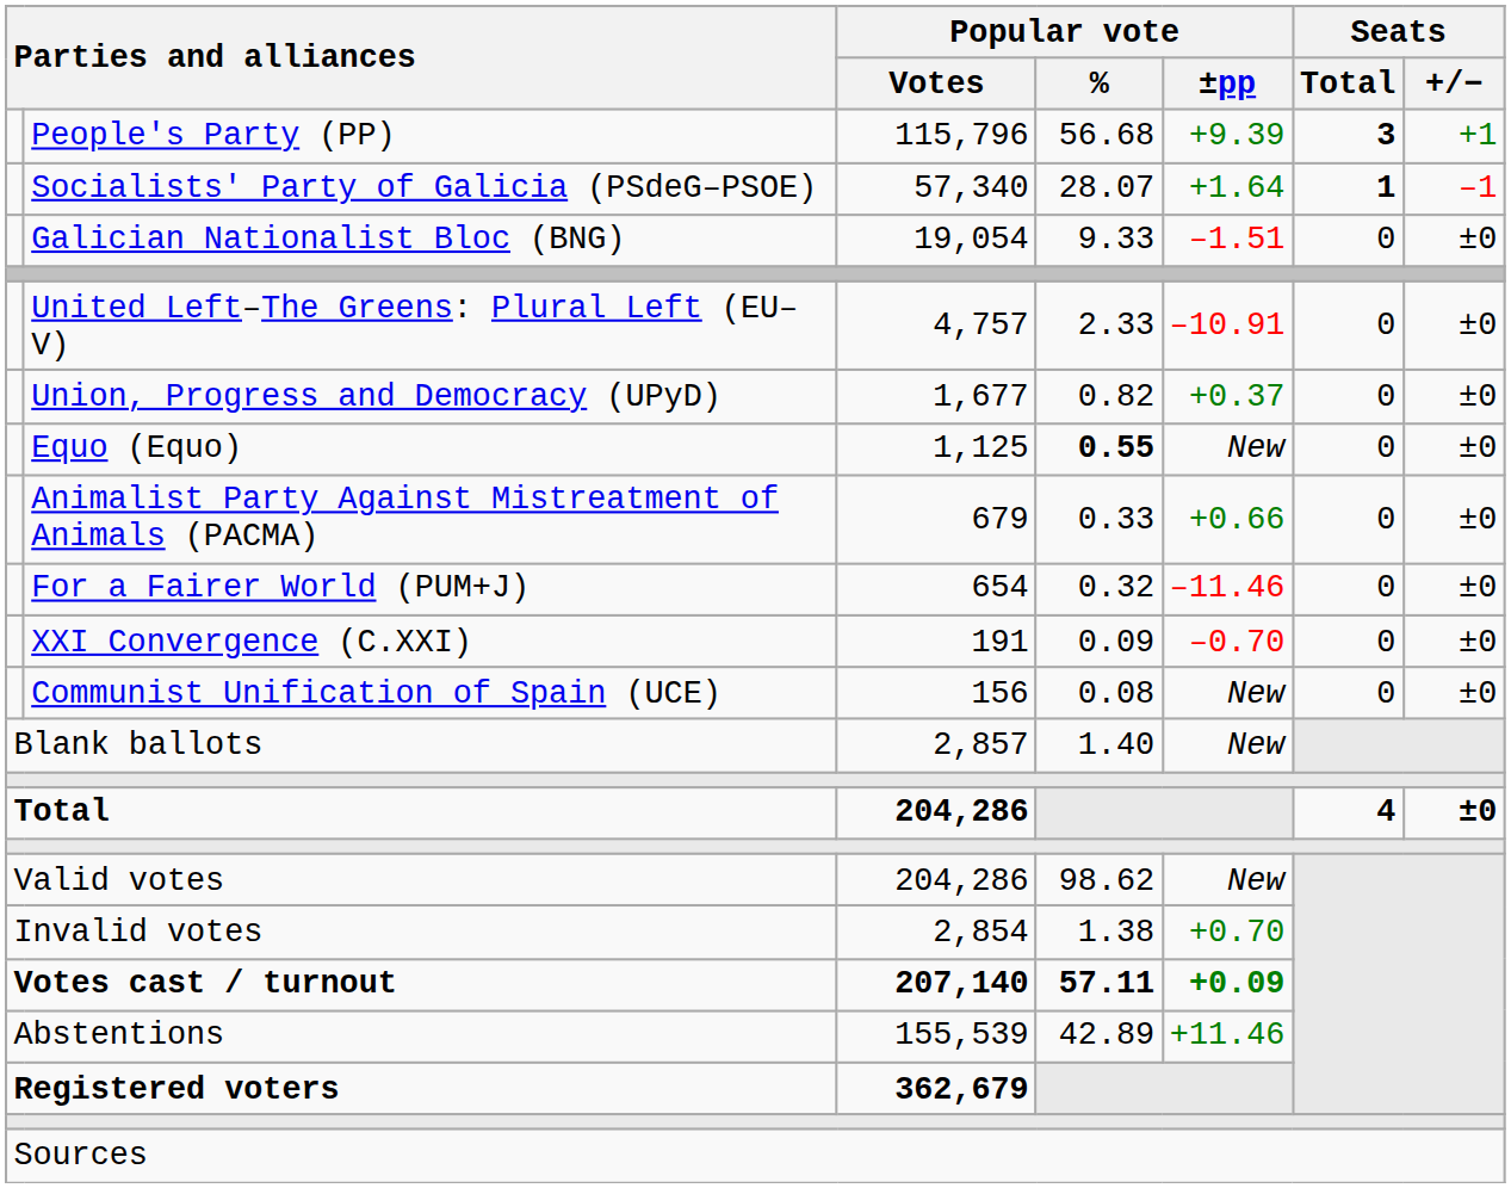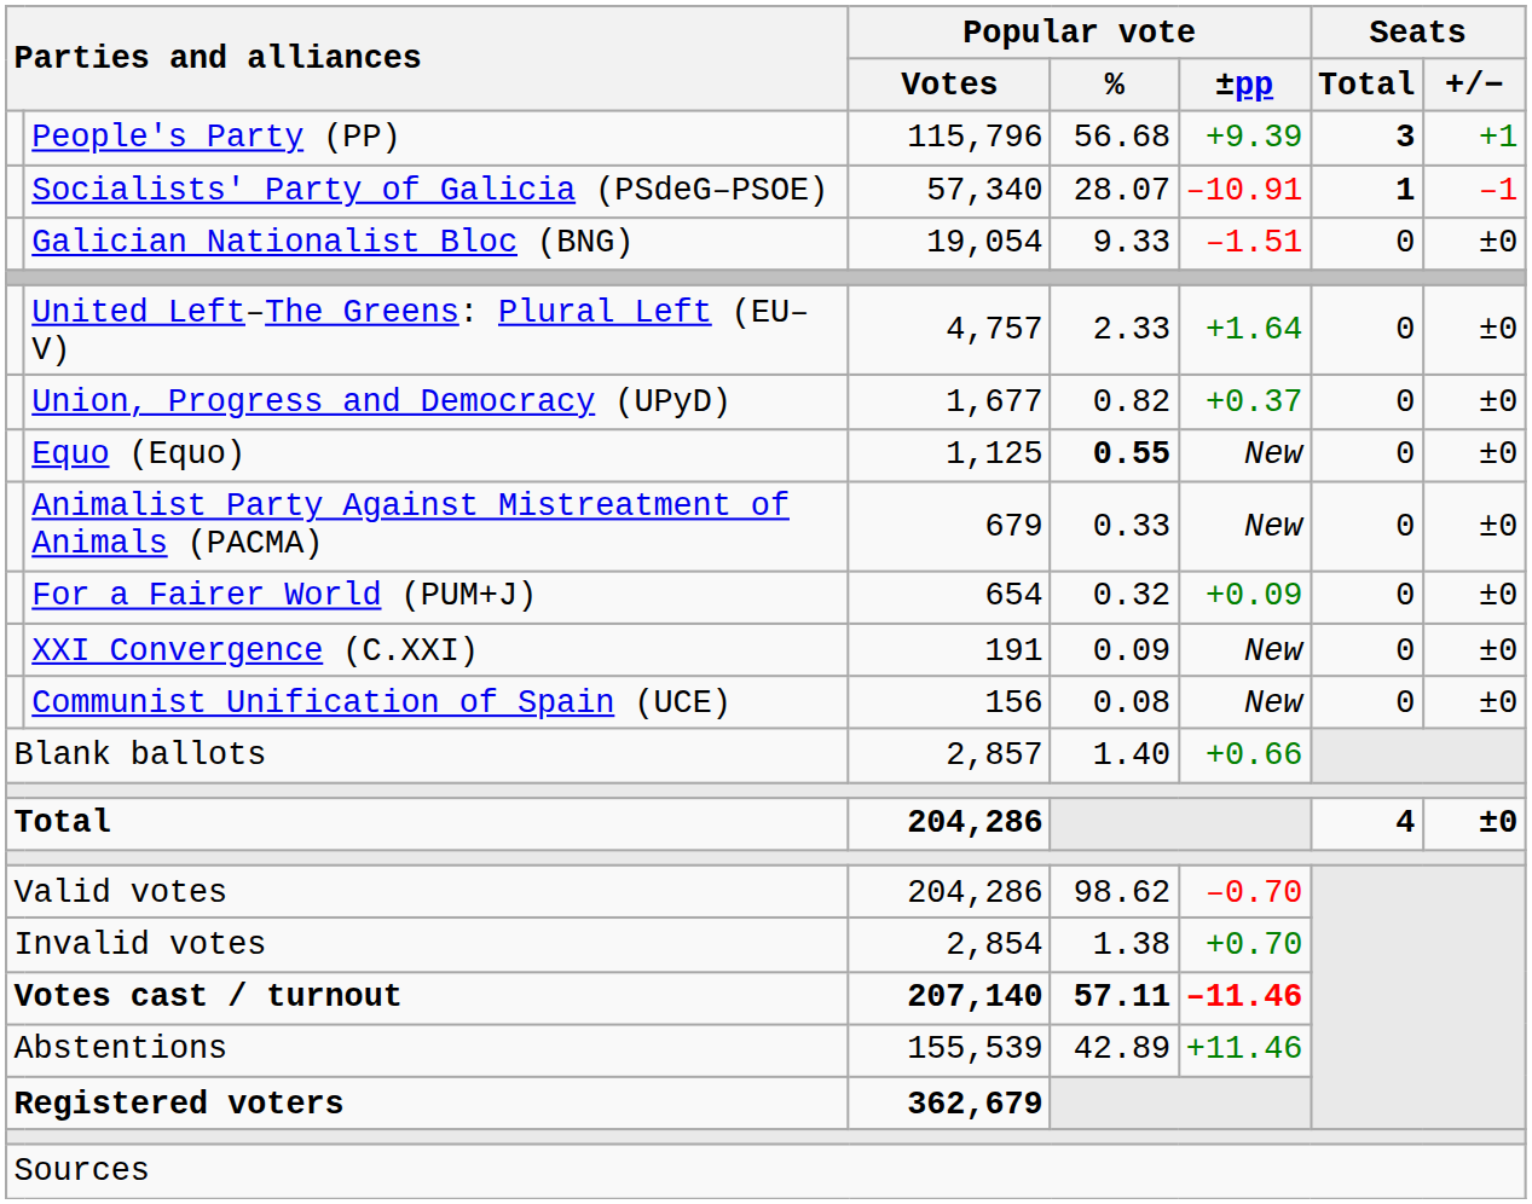 <table class="wikitable" style="text-align:right;">
 <tr>
 <th style="text-align:left;" rowspan="2" colspan="2" width="525">Parties and alliances</th>
 <th colspan="3">Popular vote</th>
 <th colspan="2">Seats</th>
 </tr>
 <tr>
 <th width="75">Votes</th>
 <th width="45">%</th>
 <th width="45">±<a href='#'>pp</a></th>
 <th width="35">Total</th>
 <th width="35">+/−</th>
 </tr>
 <tr>
 <td width="1" style="color:inherit;background:"></td>
 <td align="left"><a href='#'>People's Party</a> (PP)</td>
 <td>115,796</td>
 <td>56.68</td>
 <td style="color:green;">+9.39</td>
 <td><strong>3</strong></td>
 <td style="color:green;">+1</td>
 </tr>
 <tr>
 <td style="color:inherit;background:"></td>
 <td align="left"><a href='#'>Socialists' Party of Galicia</a> (PSdeG–PSOE)</td>
 <td>57,340</td>
 <td>28.07</td>
-<td style="color:green;">+1.64</td>
+<td style="color:red;">–10.91</td>
 <td><strong>1</strong></td>
 <td style="color:red;">–1</td>
 </tr>
 <tr>
 <td style="color:inherit;background:"></td>
 <td align="left"><a href='#'>Galician Nationalist Bloc</a> (BNG)</td>
 <td>19,054</td>
 <td>9.33</td>
 <td style="color:red;">–1.51</td>
 <td>0</td>
 <td>±0</td>
 </tr>
 <tr>
 <td colspan="7" bgcolor="#C0C0C0"></td>
 </tr>
 <tr>
 <td style="color:inherit;background:"></td>
 <td align="left"><a href='#'>United Left</a>–<a href='#'>The Greens</a>: <a href='#'>Plural Left</a> (EU–V)</td>
 <td>4,757</td>
 <td>2.33</td>
-<td style="color:red;">–10.91</td>
+<td style="color:green;">+1.64</td>
 <td>0</td>
 <td>±0</td>
 </tr>
 <tr>
 <td style="color:inherit;background:"></td>
 <td align="left"><a href='#'>Union, Progress and Democracy</a> (UPyD)</td>
 <td>1,677</td>
 <td>0.82</td>
 <td style="color:green;">+0.37</td>
 <td>0</td>
 <td>±0</td>
 </tr>
 <tr>
 <td style="color:inherit;background:"></td>
 <td align="left"><a href='#'>Equo</a> (Equo)</td>
 <td>1,125</td>
 <td><strong>0.55</strong></td>
 <td><em>New</em></td>
 <td>0</td>
 <td>±0</td>
 </tr>
 <tr>
 <td style="color:inherit;background:"></td>
 <td align="left"><a href='#'>Animalist Party Against Mistreatment of Animals</a> (PACMA)</td>
 <td>679</td>
 <td>0.33</td>
-<td style="color:green;">+0.66</td>
+<td><em>New</em></td>
 <td>0</td>
 <td>±0</td>
 </tr>
 <tr>
 <td style="color:inherit;background:"></td>
 <td align="left"><a href='#'>For a Fairer World</a> (PUM+J)</td>
 <td>654</td>
 <td>0.32</td>
-<td style="color:red;">–11.46</td>
+<td style="color:green;">+0.09</td>
 <td>0</td>
 <td>±0</td>
 </tr>
 <tr>
 <td style="color:inherit;background:"></td>
 <td align="left"><a href='#'>XXI Convergence</a> (C.XXI)</td>
 <td>191</td>
 <td>0.09</td>
-<td style="color:red;">–0.70</td>
+<td><em>New</em></td>
 <td>0</td>
 <td>±0</td>
 </tr>
 <tr>
 <td style="color:inherit;background:"></td>
 <td align="left"><a href='#'>Communist Unification of Spain</a> (UCE)</td>
 <td>156</td>
 <td>0.08</td>
 <td><em>New</em></td>
 <td>0</td>
 <td>±0</td>
 </tr>
 <tr>
 <td align="left" colspan="2">Blank ballots</td>
 <td>2,857</td>
 <td>1.40</td>
-<td><em>New</em></td>
+<td style="color:green;">+0.66</td>
 <td bgcolor="#E9E9E9" colspan="2"></td>
 </tr>
 <tr>
 <td colspan="7" bgcolor="#E9E9E9"></td>
 </tr>
 <tr style="font-weight:bold;">
 <td align="left" colspan="2">Total</td>
 <td>204,286</td>
 <td bgcolor="#E9E9E9" colspan="2"></td>
 <td>4</td>
 <td>±0</td>
 </tr>
 <tr>
 <td colspan="7" bgcolor="#E9E9E9"></td>
 </tr>
 <tr>
 <td align="left" colspan="2">Valid votes</td>
 <td>204,286</td>
 <td>98.62</td>
-<td><em>New</em></td>
+<td style="color:red;">–0.70</td>
 <td bgcolor="#E9E9E9" colspan="2" rowspan="5"></td>
 </tr>
 <tr>
 <td align="left" colspan="2">Invalid votes</td>
 <td>2,854</td>
 <td>1.38</td>
 <td style="color:green;">+0.70</td>
 </tr>
 <tr style="font-weight:bold;">
 <td align="left" colspan="2">Votes cast / turnout</td>
 <td>207,140</td>
 <td>57.11</td>
-<td style="color:green;">+0.09</td>
+<td style="color:red;">–11.46</td>
 </tr>
 <tr>
 <td align="left" colspan="2">Abstentions</td>
 <td>155,539</td>
 <td>42.89</td>
 <td style="color:green;">+11.46</td>
 </tr>
 <tr style="font-weight:bold;">
 <td align="left" colspan="2">Registered voters</td>
 <td>362,679</td>
 <td bgcolor="#E9E9E9" colspan="2"></td>
 </tr>
 <tr>
 <td colspan="7" bgcolor="#E9E9E9"></td>
 </tr>
 <tr>
 <td align="left" colspan="7">Sources</td>
 </tr>
 </table>
